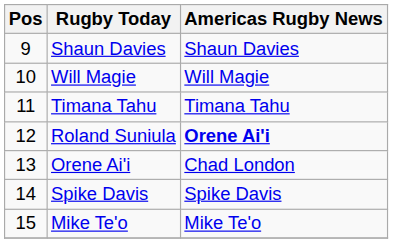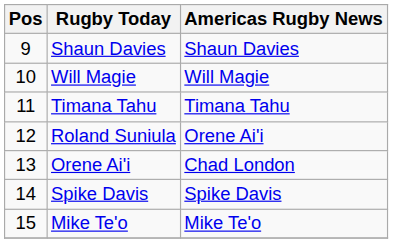 <table class="wikitable sortable">
 <tr>
 <th>Pos</th>
 <th>Rugby Today</th>
 <th>Americas Rugby News</th>
 </tr>
 <tr>
 <td align=center>9</td>
 <td><a href='#'>Shaun Davies</a></td>
 <td><a href='#'>Shaun Davies</a></td>
 </tr>
 <tr>
 <td align=center>10</td>
 <td><a href='#'>Will Magie</a></td>
 <td><a href='#'>Will Magie</a></td>
 </tr>
 <tr>
 <td align=center>11</td>
 <td><a href='#'>Timana Tahu</a></td>
 <td><a href='#'>Timana Tahu</a></td>
 </tr>
 <tr>
 <td align=center>12</td>
 <td><a href='#'>Roland Suniula</a></td>
-<td><strong><a href='#'>Orene Ai'i</a></strong></td>
+<td><a href='#'>Orene Ai'i</a></td>
 </tr>
 <tr>
 <td align=center>13</td>
 <td><a href='#'>Orene Ai'i</a></td>
 <td><a href='#'>Chad London</a></td>
 </tr>
 <tr>
 <td align=center>14</td>
 <td><a href='#'>Spike Davis</a></td>
 <td><a href='#'>Spike Davis</a></td>
 </tr>
 <tr>
 <td align=center>15</td>
 <td><a href='#'>Mike Te'o</a></td>
 <td><a href='#'>Mike Te'o</a></td>
 </tr>
 <tr>
 </tr>
 </table>
